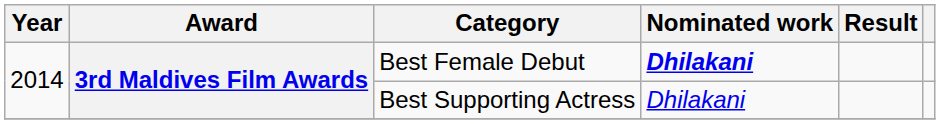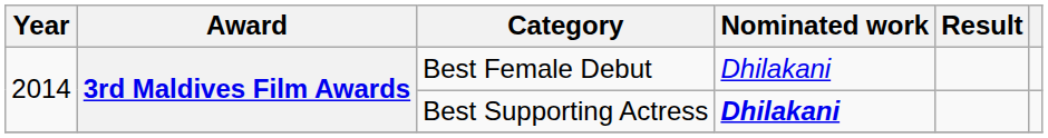 <table class="wikitable plainrowheaders sortable">
 <tr>
 <th scope="col">Year</th>
 <th scope="col">Award</th>
 <th scope="col">Category</th>
 <th scope="col">Nominated work</th>
 <th scope="col">Result</th>
 <th scope="col" class="unsortable"></th>
 </tr>
 <tr>
 <td rowspan="2">2014</td>
 <th scope="row" rowspan="2"><a href='#'>3rd Maldives Film Awards</a></th>
 <td>Best Female Debut</td>
-<td><strong><em><a href='#'>Dhilakani</a></em></strong></td>
+<td><em><a href='#'>Dhilakani</a></em></td>
 <td></td>
 <td style="text-align:center;"></td>
 </tr>
 <tr>
 <td>Best Supporting Actress</td>
-<td><em><a href='#'>Dhilakani</a></em></td>
+<td><strong><em><a href='#'>Dhilakani</a></em></strong></td>
 <td></td>
 <td style="text-align:center;"></td>
 </tr>
 <tr>
 </tr>
 </table>
